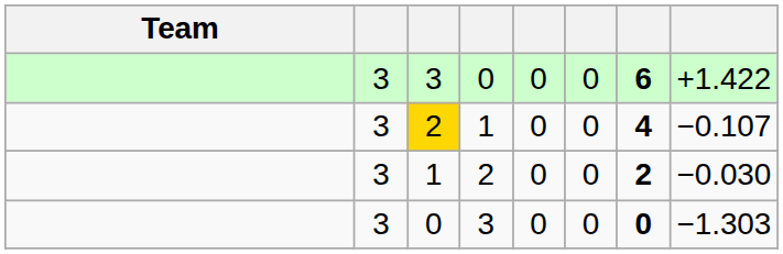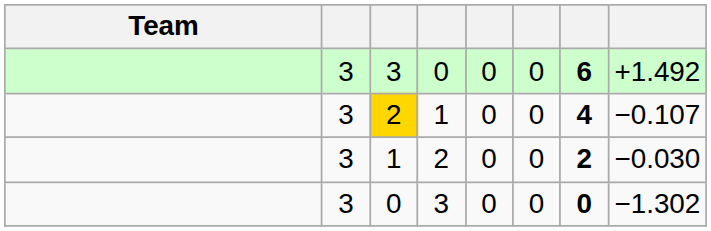 <table class="wikitable" style="text-align:center;">
 <tr>
 <th width=175>Team</th>
 <th style="width:20px;"></th>
 <th style="width:20px;"></th>
 <th style="width:20px;"></th>
 <th style="width:20px;"></th>
 <th style="width:20px;"></th>
 <th style="width:20px;"></th>
 <th style="width:20px;"></th>
 </tr>
 <tr style="background:#cfc">
 <td style="text-align:left;"></td>
 <td>3</td>
 <td>3</td>
 <td>0</td>
 <td>0</td>
 <td>0</td>
 <td><strong>6</strong></td>
-<td>+1.422</td>
+<td>+1.492</td>
 </tr>
 <tr>
 <td style="text-align:left;"></td>
 <td>3</td>
 <td style="background: gold;">2</td>
 <td>1</td>
 <td>0</td>
 <td>0</td>
 <td><strong>4</strong></td>
 <td>−0.107</td>
 </tr>
 <tr>
 <td style="text-align:left;"></td>
 <td>3</td>
 <td>1</td>
 <td>2</td>
 <td>0</td>
 <td>0</td>
 <td><strong>2</strong></td>
 <td>−0.030</td>
 </tr>
 <tr>
 <td style="text-align:left;"></td>
 <td>3</td>
 <td>0</td>
 <td>3</td>
 <td>0</td>
 <td>0</td>
 <td><strong>0</strong></td>
-<td>−1.303</td>
+<td>−1.302</td>
 </tr>
 </table>
